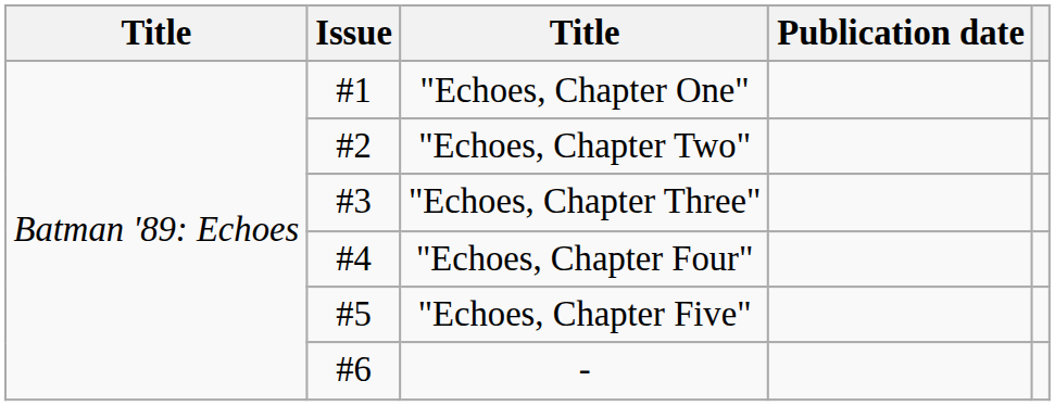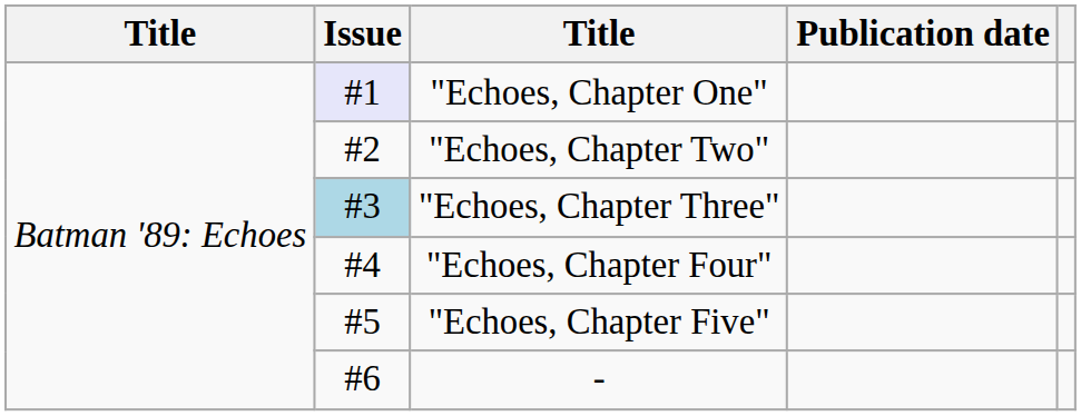 <table class="wikitable" style="text-align:center;">
 <tr>
 <th>Title</th>
 <th>Issue</th>
 <th>Title</th>
 <th>Publication date</th>
 <th></th>
 </tr>
 <tr>
 <td rowspan="6"><em>Batman '89: Echoes</em></td>
-<td>#1</td>
+<td style="background: lavender;">#1</td>
 <td>"Echoes, Chapter One"</td>
 <td></td>
 <td></td>
 </tr>
 <tr>
 <td>#2</td>
 <td>"Echoes, Chapter Two"</td>
 <td></td>
 <td></td>
 </tr>
 <tr>
-<td>#3</td>
+<td style="background: lightblue;">#3</td>
 <td>"Echoes, Chapter Three"</td>
 <td></td>
 <td></td>
 </tr>
 <tr>
 <td>#4</td>
 <td>"Echoes, Chapter Four"</td>
 <td></td>
 <td></td>
 </tr>
 <tr>
 <td>#5</td>
 <td>"Echoes, Chapter Five"</td>
 <td></td>
 <td></td>
 </tr>
 <tr>
 <td>#6</td>
 <td>-</td>
 <td></td>
 <td></td>
 </tr>
 </table>
